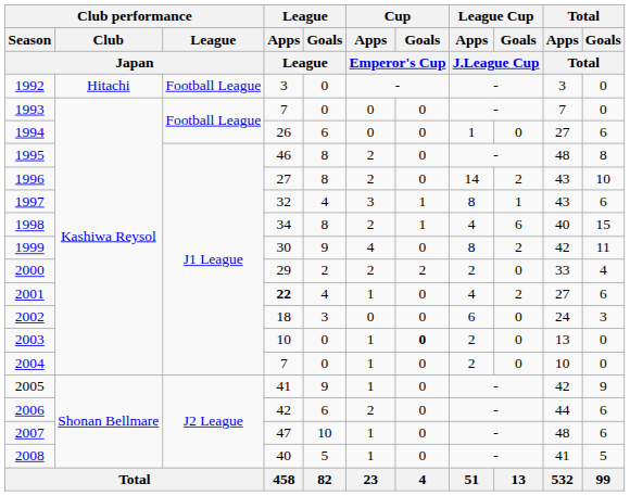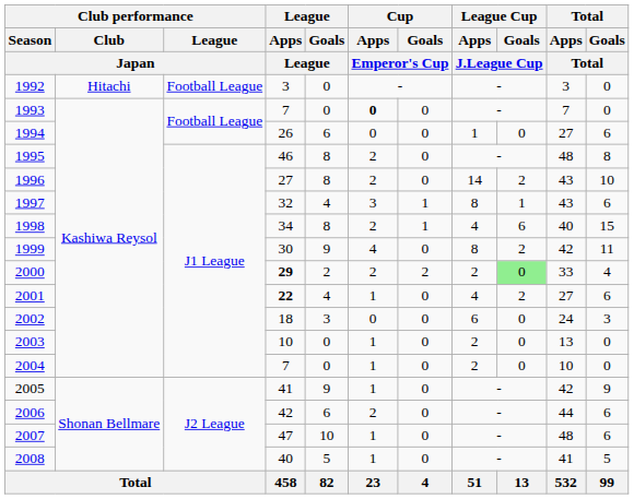 <table class="wikitable" style="text-align:center;">
 <tr>
 <th colspan=3>Club performance</th>
 <th colspan=2>League</th>
 <th colspan=2>Cup</th>
 <th colspan=2>League Cup</th>
 <th colspan=2>Total</th>
 </tr>
 <tr>
 <th>Season</th>
 <th>Club</th>
 <th>League</th>
 <th>Apps</th>
 <th>Goals</th>
 <th>Apps</th>
 <th>Goals</th>
 <th>Apps</th>
 <th>Goals</th>
 <th>Apps</th>
 <th>Goals</th>
 </tr>
 <tr>
 <th colspan=3>Japan</th>
 <th colspan=2>League</th>
 <th colspan=2><a href='#'>Emperor's Cup</a></th>
 <th colspan=2><a href='#'>J.League Cup</a></th>
 <th colspan=2>Total</th>
 </tr>
 <tr>
 <td><a href='#'>1992</a></td>
 <td><a href='#'>Hitachi</a></td>
 <td><a href='#'>Football League</a></td>
 <td>3</td>
 <td>0</td>
 <td colspan="2">-</td>
 <td colspan="2">-</td>
 <td>3</td>
 <td>0</td>
 </tr>
 <tr>
 <td><a href='#'>1993</a></td>
 <td rowspan="12"><a href='#'>Kashiwa Reysol</a></td>
 <td rowspan="2"><a href='#'>Football League</a></td>
 <td>7</td>
 <td>0</td>
-<td>0</td>
+<td><strong>0</strong></td>
 <td>0</td>
 <td colspan="2">-</td>
 <td>7</td>
 <td>0</td>
 </tr>
 <tr>
 <td><a href='#'>1994</a></td>
 <td>26</td>
 <td>6</td>
 <td>0</td>
 <td>0</td>
 <td>1</td>
 <td>0</td>
 <td>27</td>
 <td>6</td>
 </tr>
 <tr>
 <td><a href='#'>1995</a></td>
 <td rowspan="10"><a href='#'>J1 League</a></td>
 <td>46</td>
 <td>8</td>
 <td>2</td>
 <td>0</td>
 <td colspan="2">-</td>
 <td>48</td>
 <td>8</td>
 </tr>
 <tr>
 <td><a href='#'>1996</a></td>
 <td>27</td>
 <td>8</td>
 <td>2</td>
 <td>0</td>
 <td>14</td>
 <td>2</td>
 <td>43</td>
 <td>10</td>
 </tr>
 <tr>
 <td><a href='#'>1997</a></td>
 <td>32</td>
 <td>4</td>
 <td>3</td>
 <td>1</td>
 <td>8</td>
 <td>1</td>
 <td>43</td>
 <td>6</td>
 </tr>
 <tr>
 <td><a href='#'>1998</a></td>
 <td>34</td>
 <td>8</td>
 <td>2</td>
 <td>1</td>
 <td>4</td>
 <td>6</td>
 <td>40</td>
 <td>15</td>
 </tr>
 <tr>
 <td><a href='#'>1999</a></td>
 <td>30</td>
 <td>9</td>
 <td>4</td>
 <td>0</td>
 <td>8</td>
 <td>2</td>
 <td>42</td>
 <td>11</td>
 </tr>
 <tr>
 <td><a href='#'>2000</a></td>
-<td>29</td>
+<td><strong>29</strong></td>
 <td>2</td>
 <td>2</td>
 <td>2</td>
 <td>2</td>
-<td>0</td>
+<td style="background: lightgreen;">0</td>
 <td>33</td>
 <td>4</td>
 </tr>
 <tr>
 <td><a href='#'>2001</a></td>
 <td><strong>22</strong></td>
 <td>4</td>
 <td>1</td>
 <td>0</td>
 <td>4</td>
 <td>2</td>
 <td>27</td>
 <td>6</td>
 </tr>
 <tr>
 <td><a href='#'>2002</a></td>
 <td>18</td>
 <td>3</td>
 <td>0</td>
 <td>0</td>
 <td>6</td>
 <td>0</td>
 <td>24</td>
 <td>3</td>
 </tr>
 <tr>
 <td><a href='#'>2003</a></td>
 <td>10</td>
 <td>0</td>
 <td>1</td>
-<td><strong>0</strong></td>
+<td>0</td>
 <td>2</td>
 <td>0</td>
 <td>13</td>
 <td>0</td>
 </tr>
 <tr>
 <td><a href='#'>2004</a></td>
 <td>7</td>
 <td>0</td>
 <td>1</td>
 <td>0</td>
 <td>2</td>
 <td>0</td>
 <td>10</td>
 <td>0</td>
 </tr>
 <tr>
 <td>2005</td>
 <td rowspan="4"><a href='#'>Shonan Bellmare</a></td>
 <td rowspan="4"><a href='#'>J2 League</a></td>
 <td>41</td>
 <td>9</td>
 <td>1</td>
 <td>0</td>
 <td colspan="2">-</td>
 <td>42</td>
 <td>9</td>
 </tr>
 <tr>
 <td><a href='#'>2006</a></td>
 <td>42</td>
 <td>6</td>
 <td>2</td>
 <td>0</td>
 <td colspan="2">-</td>
 <td>44</td>
 <td>6</td>
 </tr>
 <tr>
 <td><a href='#'>2007</a></td>
 <td>47</td>
 <td>10</td>
 <td>1</td>
 <td>0</td>
 <td colspan="2">-</td>
 <td>48</td>
 <td>6</td>
 </tr>
 <tr>
 <td><a href='#'>2008</a></td>
 <td>40</td>
 <td>5</td>
 <td>1</td>
 <td>0</td>
 <td colspan="2">-</td>
 <td>41</td>
 <td>5</td>
 </tr>
 <tr>
 <th colspan=3>Total</th>
 <th>458</th>
 <th>82</th>
 <th>23</th>
 <th>4</th>
 <th>51</th>
 <th>13</th>
 <th>532</th>
 <th>99</th>
 </tr>
 </table>
